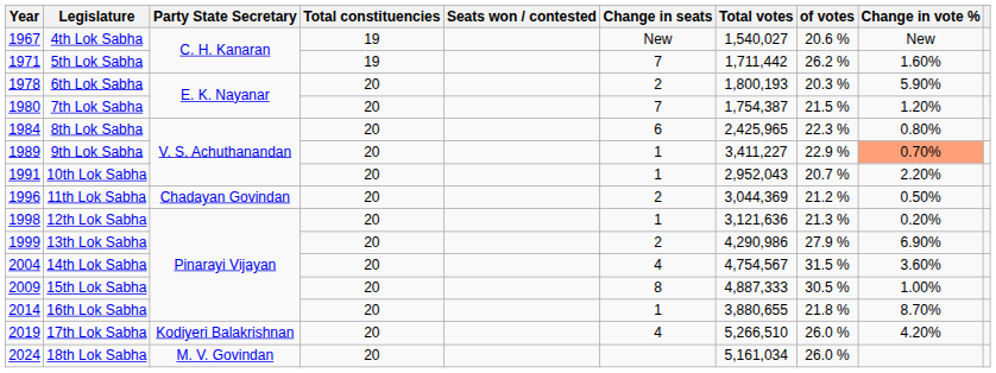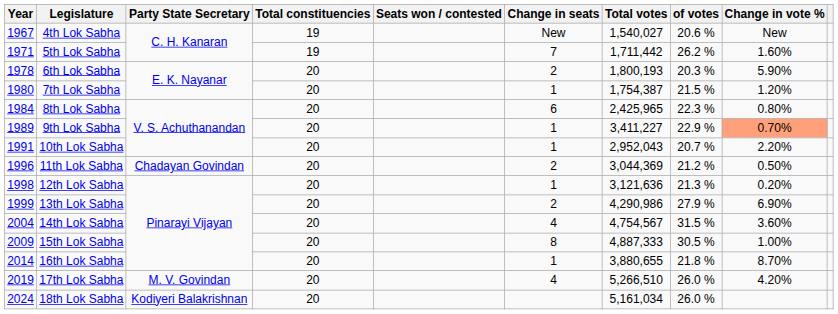 <table class="wikitable sortable">
 <tr>
 <th Style="background-color:">Year</th>
 <th Style="background-color:">Legislature</th>
 <th Style="background-color:">Party State Secretary</th>
 <th Style="background-color:">Total constituencies</th>
 <th Style="background-color:">Seats won / contested</th>
 <th Style="background-color:">Change in seats</th>
 <th Style="background-color:">Total votes</th>
 <th Style="background-color:"> of votes</th>
 <th Style="background-color:">Change in vote %</th>
 <th Style="background-color:"></th>
 </tr>
 <tr style="text-align:center;">
 <td><a href='#'>1967</a></td>
 <td><a href='#'>4th Lok Sabha</a></td>
 <td rowspan=2><a href='#'>C. H. Kanaran</a></td>
 <td>19</td>
 <td></td>
 <td>New</td>
 <td>1,540,027</td>
 <td>20.6 %</td>
 <td>New</td>
 <td></td>
 </tr>
 <tr style="text-align:center;">
 <td><a href='#'>1971</a></td>
 <td><a href='#'>5th Lok Sabha</a></td>
 <td>19</td>
 <td></td>
 <td> 7</td>
 <td>1,711,442</td>
 <td>26.2 %</td>
 <td> 1.60%</td>
 <td></td>
 </tr>
 <tr style="text-align:center;">
 <td><a href='#'>1978</a></td>
 <td><a href='#'>6th Lok Sabha</a></td>
 <td rowspan=2><a href='#'>E. K. Nayanar</a></td>
 <td>20</td>
 <td></td>
 <td> 2</td>
 <td>1,800,193</td>
 <td>20.3 %</td>
 <td> 5.90%</td>
 <td></td>
 </tr>
 <tr style="text-align:center;">
 <td><a href='#'>1980</a></td>
 <td><a href='#'>7th Lok Sabha</a></td>
 <td>20</td>
 <td></td>
-<td> 7</td>
+<td> 1</td>
 <td>1,754,387</td>
 <td>21.5 %</td>
 <td> 1.20%</td>
 <td></td>
 </tr>
 <tr style="text-align:center;">
 <td><a href='#'>1984</a></td>
 <td><a href='#'>8th Lok Sabha</a></td>
 <td rowspan=3><a href='#'>V. S. Achuthanandan</a></td>
 <td>20</td>
 <td></td>
 <td> 6</td>
 <td>2,425,965</td>
 <td>22.3 %</td>
 <td> 0.80%</td>
 <td></td>
 </tr>
 <tr style="text-align:center;">
 <td><a href='#'>1989</a></td>
 <td><a href='#'>9th Lok Sabha</a></td>
 <td>20</td>
 <td></td>
 <td> 1</td>
 <td>3,411,227</td>
 <td>22.9 %</td>
 <td style="background: lightsalmon;"> 0.70%</td>
 <td></td>
 </tr>
 <tr style="text-align:center;">
 <td><a href='#'>1991</a></td>
 <td><a href='#'>10th Lok Sabha</a></td>
 <td>20</td>
 <td></td>
 <td> 1</td>
 <td>2,952,043</td>
 <td>20.7 %</td>
 <td> 2.20%</td>
 <td></td>
 </tr>
 <tr style="text-align:center;">
 <td><a href='#'>1996</a></td>
 <td><a href='#'>11th Lok Sabha</a></td>
 <td><a href='#'>Chadayan Govindan</a></td>
 <td>20</td>
 <td></td>
 <td> 2</td>
 <td>3,044,369</td>
 <td>21.2 %</td>
 <td> 0.50%</td>
 <td></td>
 </tr>
 <tr style="text-align:center;">
 <td><a href='#'>1998</a></td>
 <td><a href='#'>12th Lok Sabha</a></td>
 <td rowspan=5><a href='#'>Pinarayi Vijayan</a></td>
 <td>20</td>
 <td></td>
 <td> 1</td>
 <td>3,121,636</td>
 <td>21.3 %</td>
 <td> 0.20%</td>
 <td></td>
 </tr>
 <tr style="text-align:center;">
 <td><a href='#'>1999</a></td>
 <td><a href='#'>13th Lok Sabha</a></td>
 <td>20</td>
 <td></td>
 <td> 2</td>
 <td>4,290,986</td>
 <td>27.9 %</td>
 <td> 6.90%</td>
 <td></td>
 </tr>
 <tr style="text-align:center;">
 <td><a href='#'>2004</a></td>
 <td><a href='#'>14th Lok Sabha</a></td>
 <td>20</td>
 <td></td>
 <td> 4</td>
 <td>4,754,567</td>
 <td>31.5 %</td>
 <td> 3.60%</td>
 <td></td>
 </tr>
 <tr style="text-align:center;">
 <td><a href='#'>2009</a></td>
 <td><a href='#'>15th Lok Sabha</a></td>
 <td>20</td>
 <td></td>
 <td> 8</td>
 <td>4,887,333</td>
 <td>30.5 %</td>
 <td> 1.00%</td>
 <td></td>
 </tr>
 <tr style="text-align:center;">
 <td><a href='#'>2014</a></td>
 <td><a href='#'>16th Lok Sabha</a></td>
 <td>20</td>
 <td></td>
 <td> 1</td>
 <td>3,880,655</td>
 <td>21.8 %</td>
 <td> 8.70%</td>
 <td></td>
 </tr>
 <tr style="text-align:center;">
 <td><a href='#'>2019</a></td>
 <td><a href='#'>17th Lok Sabha</a></td>
-<td><a href='#'>Kodiyeri Balakrishnan</a></td>
+<td><a href='#'>M. V. Govindan</a></td>
 <td>20</td>
 <td></td>
 <td> 4</td>
 <td>5,266,510</td>
 <td>26.0 %</td>
 <td> 4.20%</td>
 <td></td>
 </tr>
 <tr style="text-align:center;">
 <td><a href='#'>2024</a></td>
 <td><a href='#'>18th Lok Sabha</a></td>
-<td><a href='#'>M. V. Govindan</a></td>
+<td><a href='#'>Kodiyeri Balakrishnan</a></td>
 <td>20</td>
 <td></td>
 <td></td>
 <td>5,161,034</td>
 <td>26.0 %</td>
 <td></td>
 <td></td>
 </tr>
 </table>
